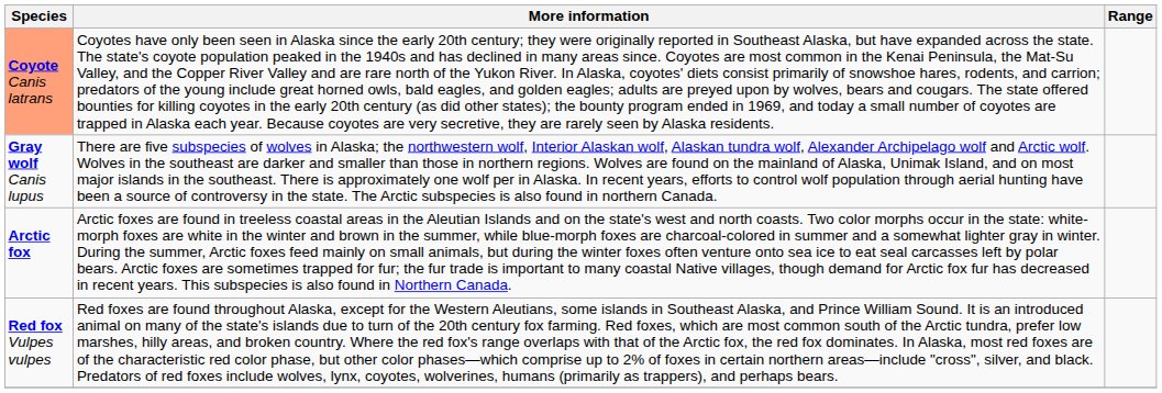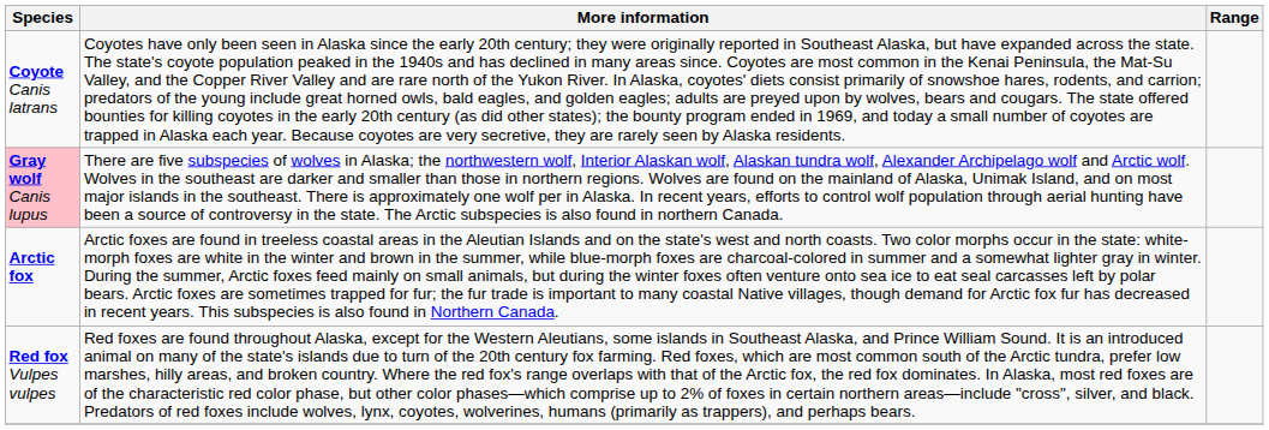 <table class="wikitable">
 <tr>
 <th>Species</th>
 <th>More information</th>
 <th>Range</th>
 </tr>
 <tr>
-<td style="background: lightsalmon;"><strong><a href='#'>Coyote</a></strong><br><em>Canis latrans</em><br> </td>
+<td><strong><a href='#'>Coyote</a></strong><br><em>Canis latrans</em><br> </td>
 <td>Coyotes have only been seen in Alaska since the early 20th century; they were originally reported in Southeast Alaska, but have expanded across the state. The state's coyote population peaked in the 1940s and has declined in many areas since. Coyotes are most common in the Kenai Peninsula, the Mat-Su Valley, and the Copper River Valley and are rare north of the Yukon River. In Alaska, coyotes' diets consist primarily of snowshoe hares, rodents, and carrion; predators of the young include great horned owls, bald eagles, and golden eagles; adults are preyed upon by wolves, bears and cougars. The state offered bounties for killing coyotes in the early 20th century (as did other states); the bounty program ended in 1969, and today a small number of coyotes are trapped in Alaska each year. Because coyotes are very secretive, they are rarely seen by Alaska residents.</td>
 <td></td>
 </tr>
 <tr>
-<td><strong><a href='#'>Gray wolf</a></strong><br><em>Canis lupus</em><br> </td>
+<td style="background: pink;"><strong><a href='#'>Gray wolf</a></strong><br><em>Canis lupus</em><br> </td>
 <td>There are five <a href='#'>subspecies</a> of <a href='#'>wolves</a> in Alaska; the <a href='#'>northwestern wolf</a>, <a href='#'>Interior Alaskan wolf</a>, <a href='#'>Alaskan tundra wolf</a>, <a href='#'>Alexander Archipelago wolf</a> and <a href='#'>Arctic wolf</a>. Wolves in the southeast are darker and smaller than those in northern regions. Wolves are found on the mainland of Alaska, Unimak Island, and on most major islands in the southeast. There is approximately one wolf per  in Alaska. In recent years, efforts to control wolf population through aerial hunting have been a source of controversy in the state. The Arctic subspecies is also found in northern Canada.</td>
 <td></td>
 </tr>
 <tr>
 <td><strong><a href='#'>Arctic fox</a></strong><br><br> </td>
 <td>Arctic foxes are found in treeless coastal areas in the Aleutian Islands and on the state's west and north coasts.  Two color morphs occur in the state: white-morph foxes are white in the winter and brown in the summer, while blue-morph foxes are charcoal-colored in summer and a somewhat lighter gray in winter. During the summer, Arctic foxes feed mainly on small animals, but during the winter foxes often venture onto sea ice to eat seal carcasses left by polar bears.  Arctic foxes are sometimes trapped for fur; the fur trade is important to many coastal Native villages, though demand for Arctic fox fur has decreased in recent years. This subspecies is also found in <a href='#'>Northern Canada</a>.</td>
 <td></td>
 </tr>
 <tr>
 <td><strong><a href='#'>Red fox</a></strong><br><em>Vulpes vulpes</em><br> </td>
 <td>Red foxes are found throughout Alaska, except for the Western Aleutians, some islands in Southeast Alaska, and Prince William Sound.  It is an introduced animal on many of the state's islands due to turn of the 20th century fox farming.  Red foxes, which are most common south of the Arctic tundra, prefer low marshes, hilly areas, and broken country.  Where the red fox's range overlaps with that of the Arctic fox, the red fox dominates. In Alaska, most red foxes are of the characteristic red color phase, but other color phases—which comprise up to 2% of foxes in certain northern areas—include "cross", silver, and black. Predators of red foxes include wolves, lynx, coyotes, wolverines, humans (primarily as trappers), and perhaps bears.</td>
 <td></td>
 </tr>
 <tr>
 </tr>
 </table>
